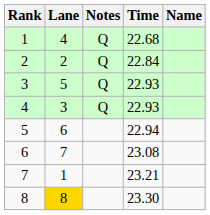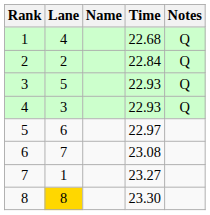 <table class="wikitable sortable" style="text-align:center">
 <tr>
 <th>Rank</th>
 <th>Lane</th>
+<th>Name</th>
+<th>Time</th>
 <th>Notes</th>
-<th>Time</th>
-<th>Name</th>
 </tr>
 <tr bgcolor=ccffcc>
 <td>1</td>
 <td>4</td>
+<td align=left></td>
+<td>22.68</td>
 <td>Q</td>
-<td>22.68</td>
-<td align=left></td>
 </tr>
 <tr bgcolor=ccffcc>
 <td>2</td>
 <td>2</td>
+<td align=left></td>
+<td>22.84</td>
 <td>Q</td>
-<td>22.84</td>
-<td align=left></td>
 </tr>
 <tr bgcolor=ccffcc>
 <td>3</td>
 <td>5</td>
+<td align=left></td>
+<td>22.93</td>
 <td>Q</td>
-<td>22.93</td>
-<td align=left></td>
 </tr>
 <tr bgcolor=ccffcc>
 <td>4</td>
 <td>3</td>
+<td align=left></td>
+<td>22.93</td>
 <td>Q</td>
-<td>22.93</td>
-<td align=left></td>
 </tr>
 <tr>
 <td>5</td>
 <td>6</td>
+<td align=left></td>
+<td>22.97</td>
 <td></td>
-<td>22.94</td>
-<td align=left></td>
 </tr>
 <tr>
 <td>6</td>
 <td>7</td>
+<td align=left></td>
+<td>23.08</td>
 <td></td>
-<td>23.08</td>
-<td align=left></td>
 </tr>
 <tr>
 <td>7</td>
 <td>1</td>
+<td align=left></td>
+<td>23.27</td>
 <td></td>
-<td>23.21</td>
-<td align=left></td>
 </tr>
 <tr>
 <td>8</td>
 <td style="background: gold;">8</td>
+<td align=left></td>
+<td>23.30</td>
 <td></td>
-<td>23.30</td>
-<td align=left></td>
 </tr>
 </table>
